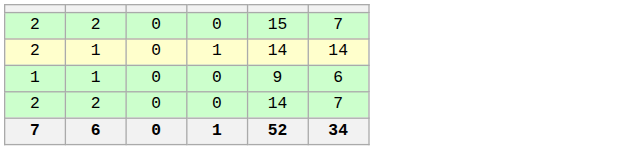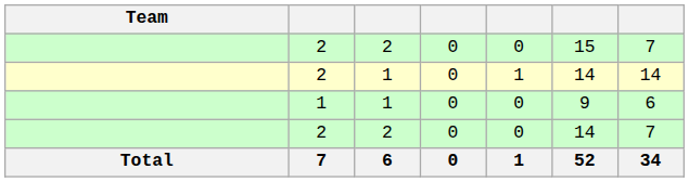 <table class="wikitable" style="font-size:95%; text-align:center">
 <tr>
+<th width=192>Team</th>
 <th width=40></th>
 <th width=40></th>
 <th width=40></th>
 <th width=40></th>
 <th width=40></th>
 <th width=40></th>
 </tr>
 <tr style="background:#ccffcc;">
+<td style="text-align:left;"></td>
 <td>2</td>
 <td>2</td>
 <td>0</td>
 <td>0</td>
 <td>15</td>
 <td>7</td>
 </tr>
 <tr style="background:#ffffcc;">
+<td style="text-align:left;"></td>
 <td>2</td>
 <td>1</td>
 <td>0</td>
 <td>1</td>
 <td>14</td>
 <td>14</td>
 </tr>
 <tr style="background:#ccffcc;">
+<td style="text-align:left;"></td>
 <td>1</td>
 <td>1</td>
 <td>0</td>
 <td>0</td>
 <td>9</td>
 <td>6</td>
 </tr>
 <tr style="background:#ccffcc;">
+<td style="text-align:left;"></td>
 <td>2</td>
 <td>2</td>
 <td>0</td>
 <td>0</td>
 <td>14</td>
 <td>7</td>
 </tr>
 <tr>
+<th>Total</th>
 <th>7</th>
 <th>6</th>
 <th>0</th>
 <th>1</th>
 <th>52</th>
 <th>34</th>
 </tr>
 </table>
